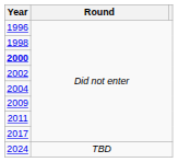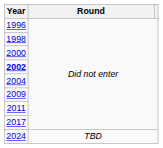 <table class="wikitable" style="text-align: center; font-size:90%">
 <tr>
 <th>Year</th>
 <th style="width:200px">Round</th>
 <th></th>
 </tr>
 <tr>
 <td><a href='#'>1996</a></td>
 <td colspan="2" rowspan="8"><em>Did not enter</em></td>
 </tr>
 <tr>
 <td><a href='#'>1998</a></td>
 </tr>
 <tr>
-<td><strong><a href='#'>2000</a></strong></td>
+<td><a href='#'>2000</a></td>
 </tr>
 <tr>
-<td><a href='#'>2002</a></td>
+<td><strong><a href='#'>2002</a></strong></td>
 </tr>
 <tr>
 <td><a href='#'>2004</a></td>
 </tr>
 <tr>
 <td><a href='#'>2009</a></td>
 </tr>
 <tr>
 <td><a href='#'>2011</a></td>
 </tr>
 <tr>
 <td><a href='#'>2017</a></td>
 </tr>
 <tr>
 <td><a href='#'>2024</a></td>
 <td colspan="2"><em>TBD</em></td>
 </tr>
 </table>
